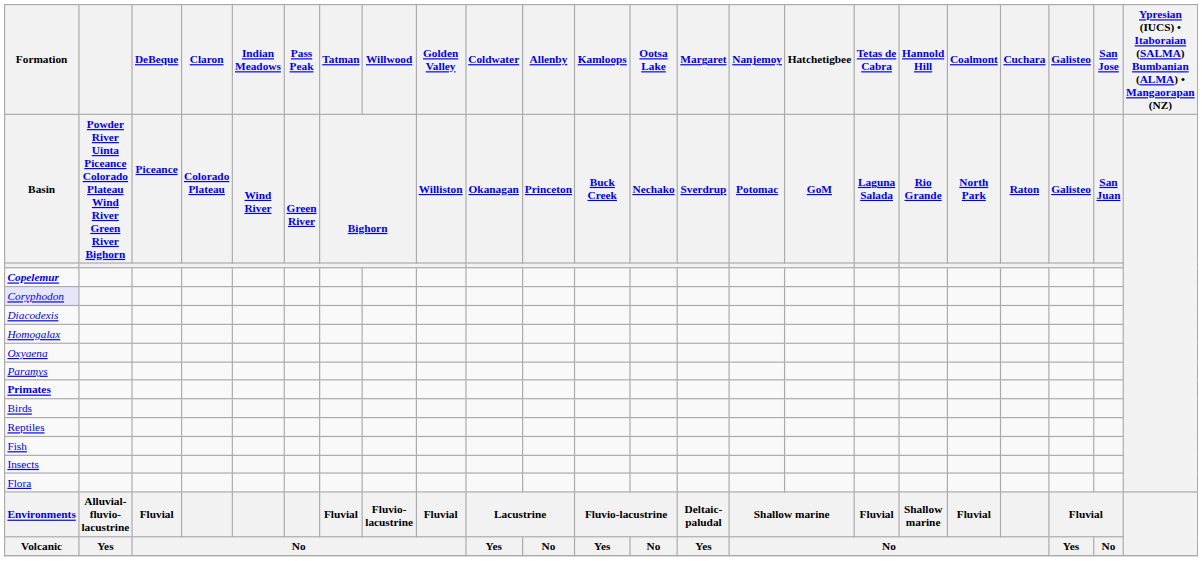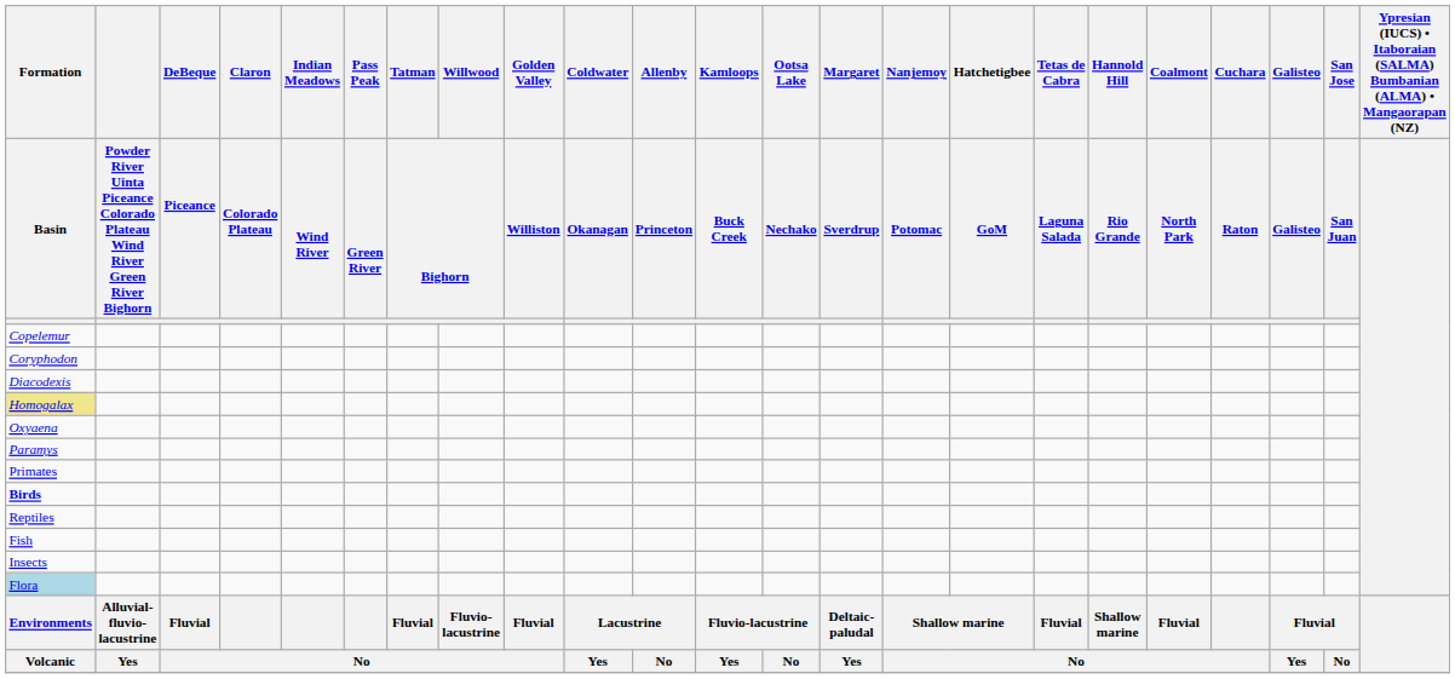 <table class="wikitable" style="font-size: 60%">
 <tr>
 <th>Formation</th>
 <th></th>
 <th><a href='#'>DeBeque</a></th>
 <th><a href='#'>Claron</a></th>
 <th><a href='#'>Indian Meadows</a></th>
 <th><a href='#'>Pass Peak</a></th>
 <th><a href='#'>Tatman</a></th>
 <th><a href='#'>Willwood</a></th>
 <th><a href='#'>Golden Valley</a></th>
 <th><a href='#'>Coldwater</a></th>
 <th><a href='#'>Allenby</a></th>
 <th><a href='#'>Kamloops</a></th>
 <th><a href='#'>Ootsa Lake</a></th>
 <th><a href='#'>Margaret</a></th>
 <th><a href='#'>Nanjemoy</a></th>
 <th>Hatchetigbee</th>
 <th><a href='#'>Tetas de Cabra</a></th>
 <th><a href='#'>Hannold Hill</a></th>
 <th><a href='#'>Coalmont</a></th>
 <th><a href='#'>Cuchara</a></th>
 <th><a href='#'>Galisteo</a></th>
 <th><a href='#'>San Jose</a></th>
 <th><a href='#'>Ypresian</a> (IUCS) • <a href='#'>Itaboraian</a> (<a href='#'>SALMA</a>)<br><a href='#'>Bumbanian</a> (<a href='#'>ALMA</a>) • <a href='#'>Mangaorapan</a> (NZ)</th>
 </tr>
 <tr>
 <th>Basin</th>
 <th><a href='#'>Powder River</a><br><a href='#'>Uinta</a><br><a href='#'>Piceance</a><br><a href='#'>Colorado Plateau</a><br><a href='#'>Wind River</a><br><a href='#'>Green River</a><br><a href='#'>Bighorn</a></th>
 <th><a href='#'>Piceance</a><br><br><br><br></th>
 <th><br><a href='#'>Colorado Plateau</a><br><br><br></th>
 <th><br><br><br><a href='#'>Wind River</a><br><br></th>
 <th><br><br><br><br><a href='#'>Green River</a><br></th>
 <th colspan=2><br><br><br><br><br><br><a href='#'>Bighorn</a></th>
 <th><a href='#'>Williston</a></th>
 <th><a href='#'>Okanagan</a></th>
 <th><a href='#'>Princeton</a></th>
 <th><a href='#'>Buck Creek</a></th>
 <th><a href='#'>Nechako</a></th>
 <th><a href='#'>Sverdrup</a></th>
 <th><a href='#'>Potomac</a></th>
 <th><a href='#'>GoM</a></th>
 <th><a href='#'>Laguna Salada</a></th>
 <th><a href='#'>Rio Grande</a></th>
 <th><a href='#'>North Park</a></th>
 <th><a href='#'>Raton</a></th>
 <th><a href='#'>Galisteo</a></th>
 <th><a href='#'>San Juan</a></th>
 <th align=center rowspan=14></th>
 </tr>
 <tr>
 <th></th>
 <th colspan=8></th>
 <th colspan=5></th>
 <th colspan=2></th>
 <th></th>
 <th colspan=5></th>
 </tr>
 <tr>
-<td><strong><em><a href='#'>Copelemur</a></em></strong></td>
+<td><em><a href='#'>Copelemur</a></em></td>
 <td align=center></td>
 <td align=center></td>
 <td align=center></td>
 <td align=center></td>
 <td align=center></td>
 <td align=center></td>
 <td align=center></td>
 <td align=center></td>
 <td align=center></td>
 <td align=center></td>
 <td align=center></td>
 <td align=center></td>
 <td align=center></td>
 <td align=center></td>
 <td align=center></td>
 <td align=center></td>
 <td align=center></td>
 <td align=center></td>
 <td align=center></td>
 <td align=center></td>
 <td align=center></td>
 </tr>
 <tr>
-<td style="background: lavender;"><em><a href='#'>Coryphodon</a></em></td>
+<td><em><a href='#'>Coryphodon</a></em></td>
 <td align=center></td>
 <td align=center></td>
 <td align=center></td>
 <td align=center></td>
 <td align=center></td>
 <td align=center></td>
 <td align=center></td>
 <td align=center></td>
 <td align=center></td>
 <td align=center></td>
 <td align=center></td>
 <td align=center></td>
 <td align=center></td>
 <td align=center></td>
 <td align=center></td>
 <td align=center></td>
 <td align=center></td>
 <td align=center></td>
 <td align=center></td>
 <td align=center></td>
 <td align=center></td>
 </tr>
 <tr>
 <td><em><a href='#'>Diacodexis</a></em></td>
 <td align=center></td>
 <td align=center></td>
 <td align=center></td>
 <td align=center></td>
 <td align=center></td>
 <td align=center></td>
 <td align=center></td>
 <td align=center></td>
 <td align=center></td>
 <td align=center></td>
 <td align=center></td>
 <td align=center></td>
 <td align=center></td>
 <td align=center></td>
 <td align=center></td>
 <td align=center></td>
 <td align=center></td>
 <td align=center></td>
 <td align=center></td>
 <td align=center></td>
 <td align=center></td>
 </tr>
 <tr>
-<td><em><a href='#'>Homogalax</a></em></td>
+<td style="background: khaki;"><em><a href='#'>Homogalax</a></em></td>
 <td align=center></td>
 <td align=center></td>
 <td align=center></td>
 <td align=center></td>
 <td align=center></td>
 <td align=center></td>
 <td align=center></td>
 <td align=center></td>
 <td align=center></td>
 <td align=center></td>
 <td align=center></td>
 <td align=center></td>
 <td align=center></td>
 <td align=center></td>
 <td align=center></td>
 <td align=center></td>
 <td align=center></td>
 <td align=center></td>
 <td align=center></td>
 <td align=center></td>
 <td align=center></td>
 </tr>
 <tr>
 <td><em><a href='#'>Oxyaena</a></em></td>
 <td align=center></td>
 <td align=center></td>
 <td align=center></td>
 <td align=center></td>
 <td align=center></td>
 <td align=center></td>
 <td align=center></td>
 <td align=center></td>
 <td align=center></td>
 <td align=center></td>
 <td align=center></td>
 <td align=center></td>
 <td align=center></td>
 <td align=center></td>
 <td align=center></td>
 <td align=center></td>
 <td align=center></td>
 <td align=center></td>
 <td align=center></td>
 <td align=center></td>
 <td align=center></td>
 </tr>
 <tr>
 <td><em><a href='#'>Paramys</a></em></td>
 <td align=center></td>
 <td align=center></td>
 <td align=center></td>
 <td align=center></td>
 <td align=center></td>
 <td align=center></td>
 <td align=center></td>
 <td align=center></td>
 <td align=center></td>
 <td align=center></td>
 <td align=center></td>
 <td align=center></td>
 <td align=center></td>
 <td align=center></td>
 <td align=center></td>
 <td align=center></td>
 <td align=center></td>
 <td align=center></td>
 <td align=center></td>
 <td align=center></td>
 <td align=center></td>
 </tr>
 <tr>
-<td><strong><a href='#'>Primates</a></strong></td>
+<td><a href='#'>Primates</a></td>
 <td align=center></td>
 <td align=center></td>
 <td align=center></td>
 <td align=center></td>
 <td align=center></td>
 <td align=center></td>
 <td align=center></td>
 <td align=center></td>
 <td align=center></td>
 <td align=center></td>
 <td align=center></td>
 <td align=center></td>
 <td align=center></td>
 <td align=center></td>
 <td align=center></td>
 <td align=center></td>
 <td align=center></td>
 <td align=center></td>
 <td align=center></td>
 <td align=center></td>
 <td align=center></td>
 </tr>
 <tr>
-<td><a href='#'>Birds</a></td>
+<td><strong><a href='#'>Birds</a></strong></td>
 <td align=center></td>
 <td align=center></td>
 <td align=center></td>
 <td align=center></td>
 <td align=center></td>
 <td align=center></td>
 <td align=center></td>
 <td align=center></td>
 <td align=center></td>
 <td align=center></td>
 <td align=center></td>
 <td align=center></td>
 <td align=center></td>
 <td align=center></td>
 <td align=center></td>
 <td align=center></td>
 <td align=center></td>
 <td align=center></td>
 <td align=center></td>
 <td align=center></td>
 <td align=center></td>
 </tr>
 <tr>
 <td><a href='#'>Reptiles</a></td>
 <td align=center></td>
 <td align=center></td>
 <td align=center></td>
 <td align=center></td>
 <td align=center></td>
 <td align=center></td>
 <td align=center></td>
 <td align=center></td>
 <td align=center></td>
 <td align=center></td>
 <td align=center></td>
 <td align=center></td>
 <td align=center></td>
 <td align=center></td>
 <td align=center></td>
 <td align=center></td>
 <td align=center></td>
 <td align=center></td>
 <td align=center></td>
 <td align=center></td>
 <td align=center></td>
 </tr>
 <tr>
 <td><a href='#'>Fish</a></td>
 <td align=center></td>
 <td align=center></td>
 <td align=center></td>
 <td align=center></td>
 <td align=center></td>
 <td align=center></td>
 <td align=center></td>
 <td align=center></td>
 <td align=center></td>
 <td align=center></td>
 <td align=center></td>
 <td align=center></td>
 <td align=center></td>
 <td align=center></td>
 <td align=center></td>
 <td align=center></td>
 <td align=center></td>
 <td align=center></td>
 <td align=center></td>
 <td align=center></td>
 <td align=center></td>
 </tr>
 <tr>
 <td><a href='#'>Insects</a></td>
 <td align=center></td>
 <td align=center></td>
 <td align=center></td>
 <td align=center></td>
 <td align=center></td>
 <td align=center></td>
 <td align=center></td>
 <td align=center></td>
 <td align=center></td>
 <td align=center></td>
 <td align=center></td>
 <td align=center></td>
 <td align=center></td>
 <td align=center></td>
 <td align=center></td>
 <td align=center></td>
 <td align=center></td>
 <td align=center></td>
 <td align=center></td>
 <td align=center></td>
 <td align=center></td>
 </tr>
 <tr>
-<td><a href='#'>Flora</a></td>
+<td style="background: lightblue;"><a href='#'>Flora</a></td>
 <td align=center></td>
 <td align=center></td>
 <td align=center></td>
 <td align=center></td>
 <td align=center></td>
 <td align=center></td>
 <td align=center></td>
 <td align=center></td>
 <td align=center></td>
 <td align=center></td>
 <td align=center></td>
 <td align=center></td>
 <td align=center></td>
 <td align=center></td>
 <td align=center></td>
 <td align=center></td>
 <td align=center></td>
 <td align=center></td>
 <td align=center></td>
 <td align=center></td>
 <td align=center></td>
 </tr>
 <tr>
 <th><a href='#'>Environments</a></th>
 <th>Alluvial-fluvio-lacustrine</th>
 <th>Fluvial</th>
 <th></th>
 <th></th>
 <th></th>
 <th>Fluvial</th>
 <th>Fluvio-lacustrine</th>
 <th>Fluvial</th>
 <th colspan=2>Lacustrine</th>
 <th colspan=2>Fluvio-lacustrine</th>
 <th>Deltaic-paludal</th>
 <th colspan=2>Shallow marine</th>
 <th>Fluvial</th>
 <th>Shallow marine</th>
 <th>Fluvial</th>
 <th></th>
 <th colspan=2>Fluvial</th>
 <th rowspan=2 align=left><br><br></th>
 </tr>
 <tr>
 <th>Volcanic</th>
 <th>Yes</th>
 <th colspan=7>No</th>
 <th>Yes</th>
 <th>No</th>
 <th>Yes</th>
 <th>No</th>
 <th>Yes</th>
 <th colspan=6>No</th>
 <th>Yes</th>
 <th>No</th>
 </tr>
 <tr>
 </tr>
 </table>
